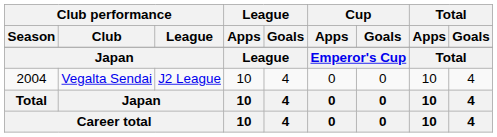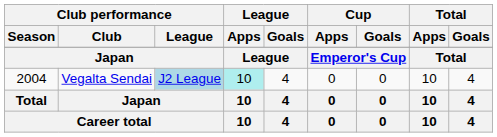 <table class="wikitable" style="text-align:center">
 <tr>
 <th colspan=3>Club performance</th>
 <th colspan=2>League</th>
 <th colspan=2>Cup</th>
 <th colspan=2>Total</th>
 </tr>
 <tr>
 <th>Season</th>
 <th>Club</th>
 <th>League</th>
 <th>Apps</th>
 <th>Goals</th>
 <th>Apps</th>
 <th>Goals</th>
 <th>Apps</th>
 <th>Goals</th>
 </tr>
 <tr>
 </tr>
 <tr>
 <th colspan=3>Japan</th>
 <th colspan=2>League</th>
 <th colspan=2><a href='#'>Emperor's Cup</a></th>
 <th colspan=2>Total</th>
 </tr>
 <tr>
 <td>2004</td>
 <td><a href='#'>Vegalta Sendai</a></td>
-<td><a href='#'>J2 League</a></td>
-<td>10</td>
+<td style="background: lightblue;"><a href='#'>J2 League</a></td>
+<td style="background: paleturquoise;">10</td>
 <td>4</td>
 <td>0</td>
 <td>0</td>
 <td>10</td>
 <td>4</td>
 </tr>
 <tr>
 <th rowspan=1>Total</th>
 <th colspan=2>Japan</th>
 <th>10</th>
 <th>4</th>
 <th>0</th>
 <th>0</th>
 <th>10</th>
 <th>4</th>
 </tr>
 <tr>
 <th colspan=3>Career total</th>
 <th>10</th>
 <th>4</th>
 <th>0</th>
 <th>0</th>
 <th>10</th>
 <th>4</th>
 </tr>
 </table>
